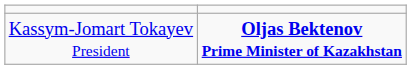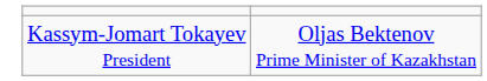 <table class="wikitable" style="text-align:right; float:right; margin-right:9px; margin-left:2px;">
 <tr>
 <td style="text-align:center;"></td>
 <td style="text-align:center;"></td>
 </tr>
 <tr>
 <td style="text-align:center;"><a href='#'>Kassym-Jomart Tokayev</a><br><small><a href='#'>President</a></small></td>
-<td style="text-align:center;"><strong><a href='#'>Oljas Bektenov</a><br><small><a href='#'>Prime Minister of Kazakhstan</a></small></strong></td>
+<td style="text-align:center;"><a href='#'>Oljas Bektenov</a><br><small><a href='#'>Prime Minister of Kazakhstan</a></small></td>
 </tr>
 </table>
